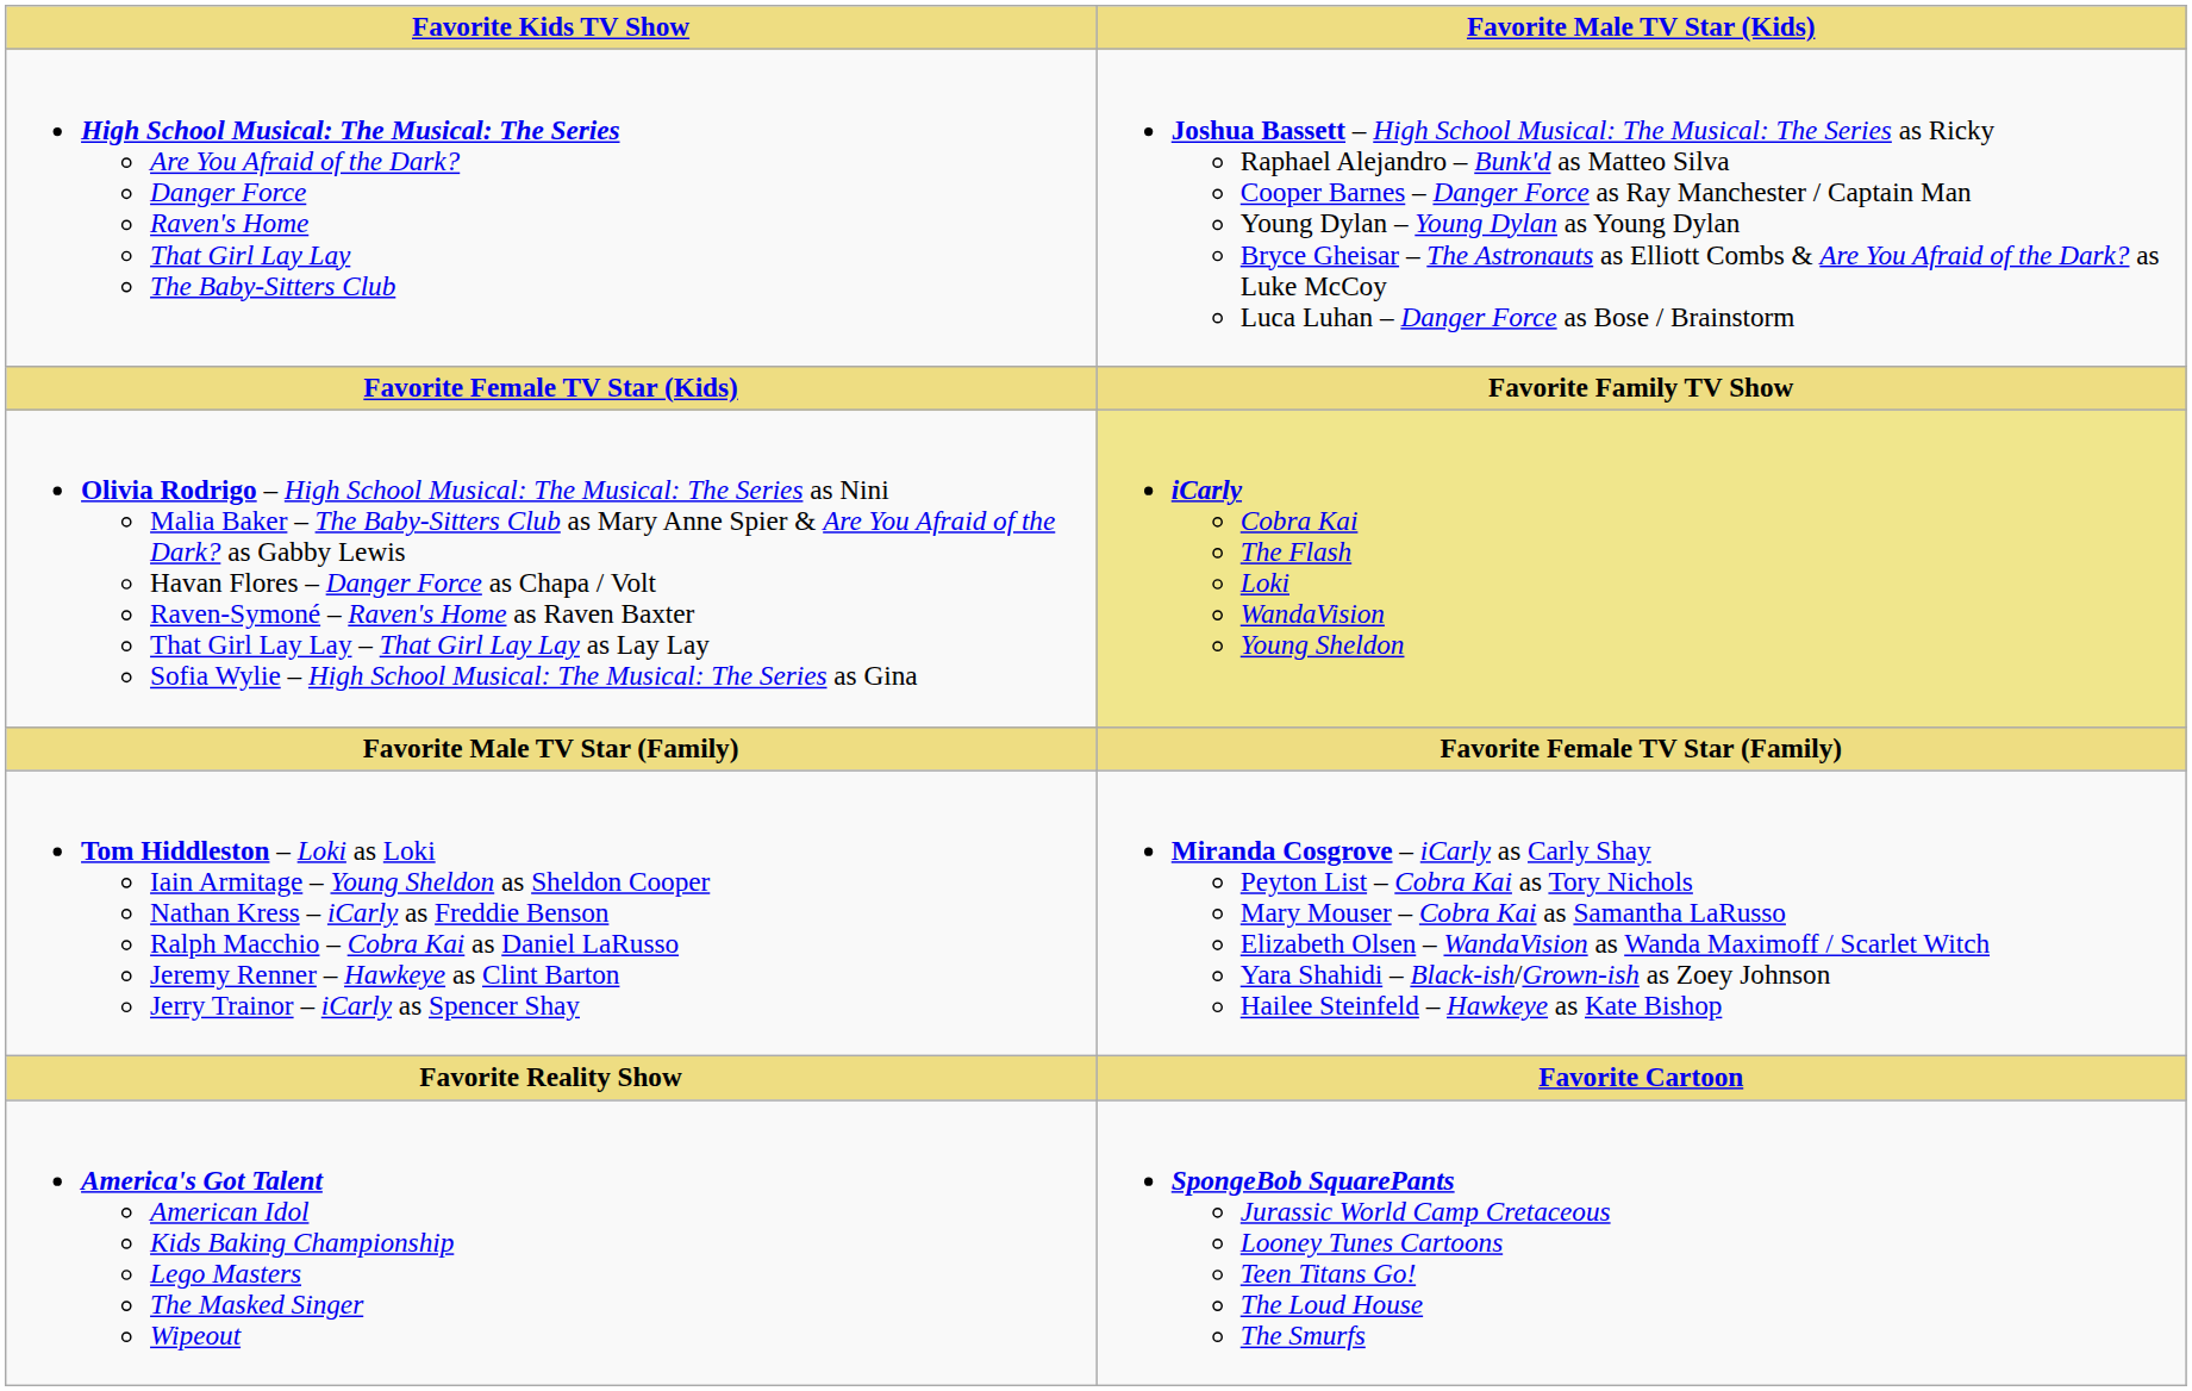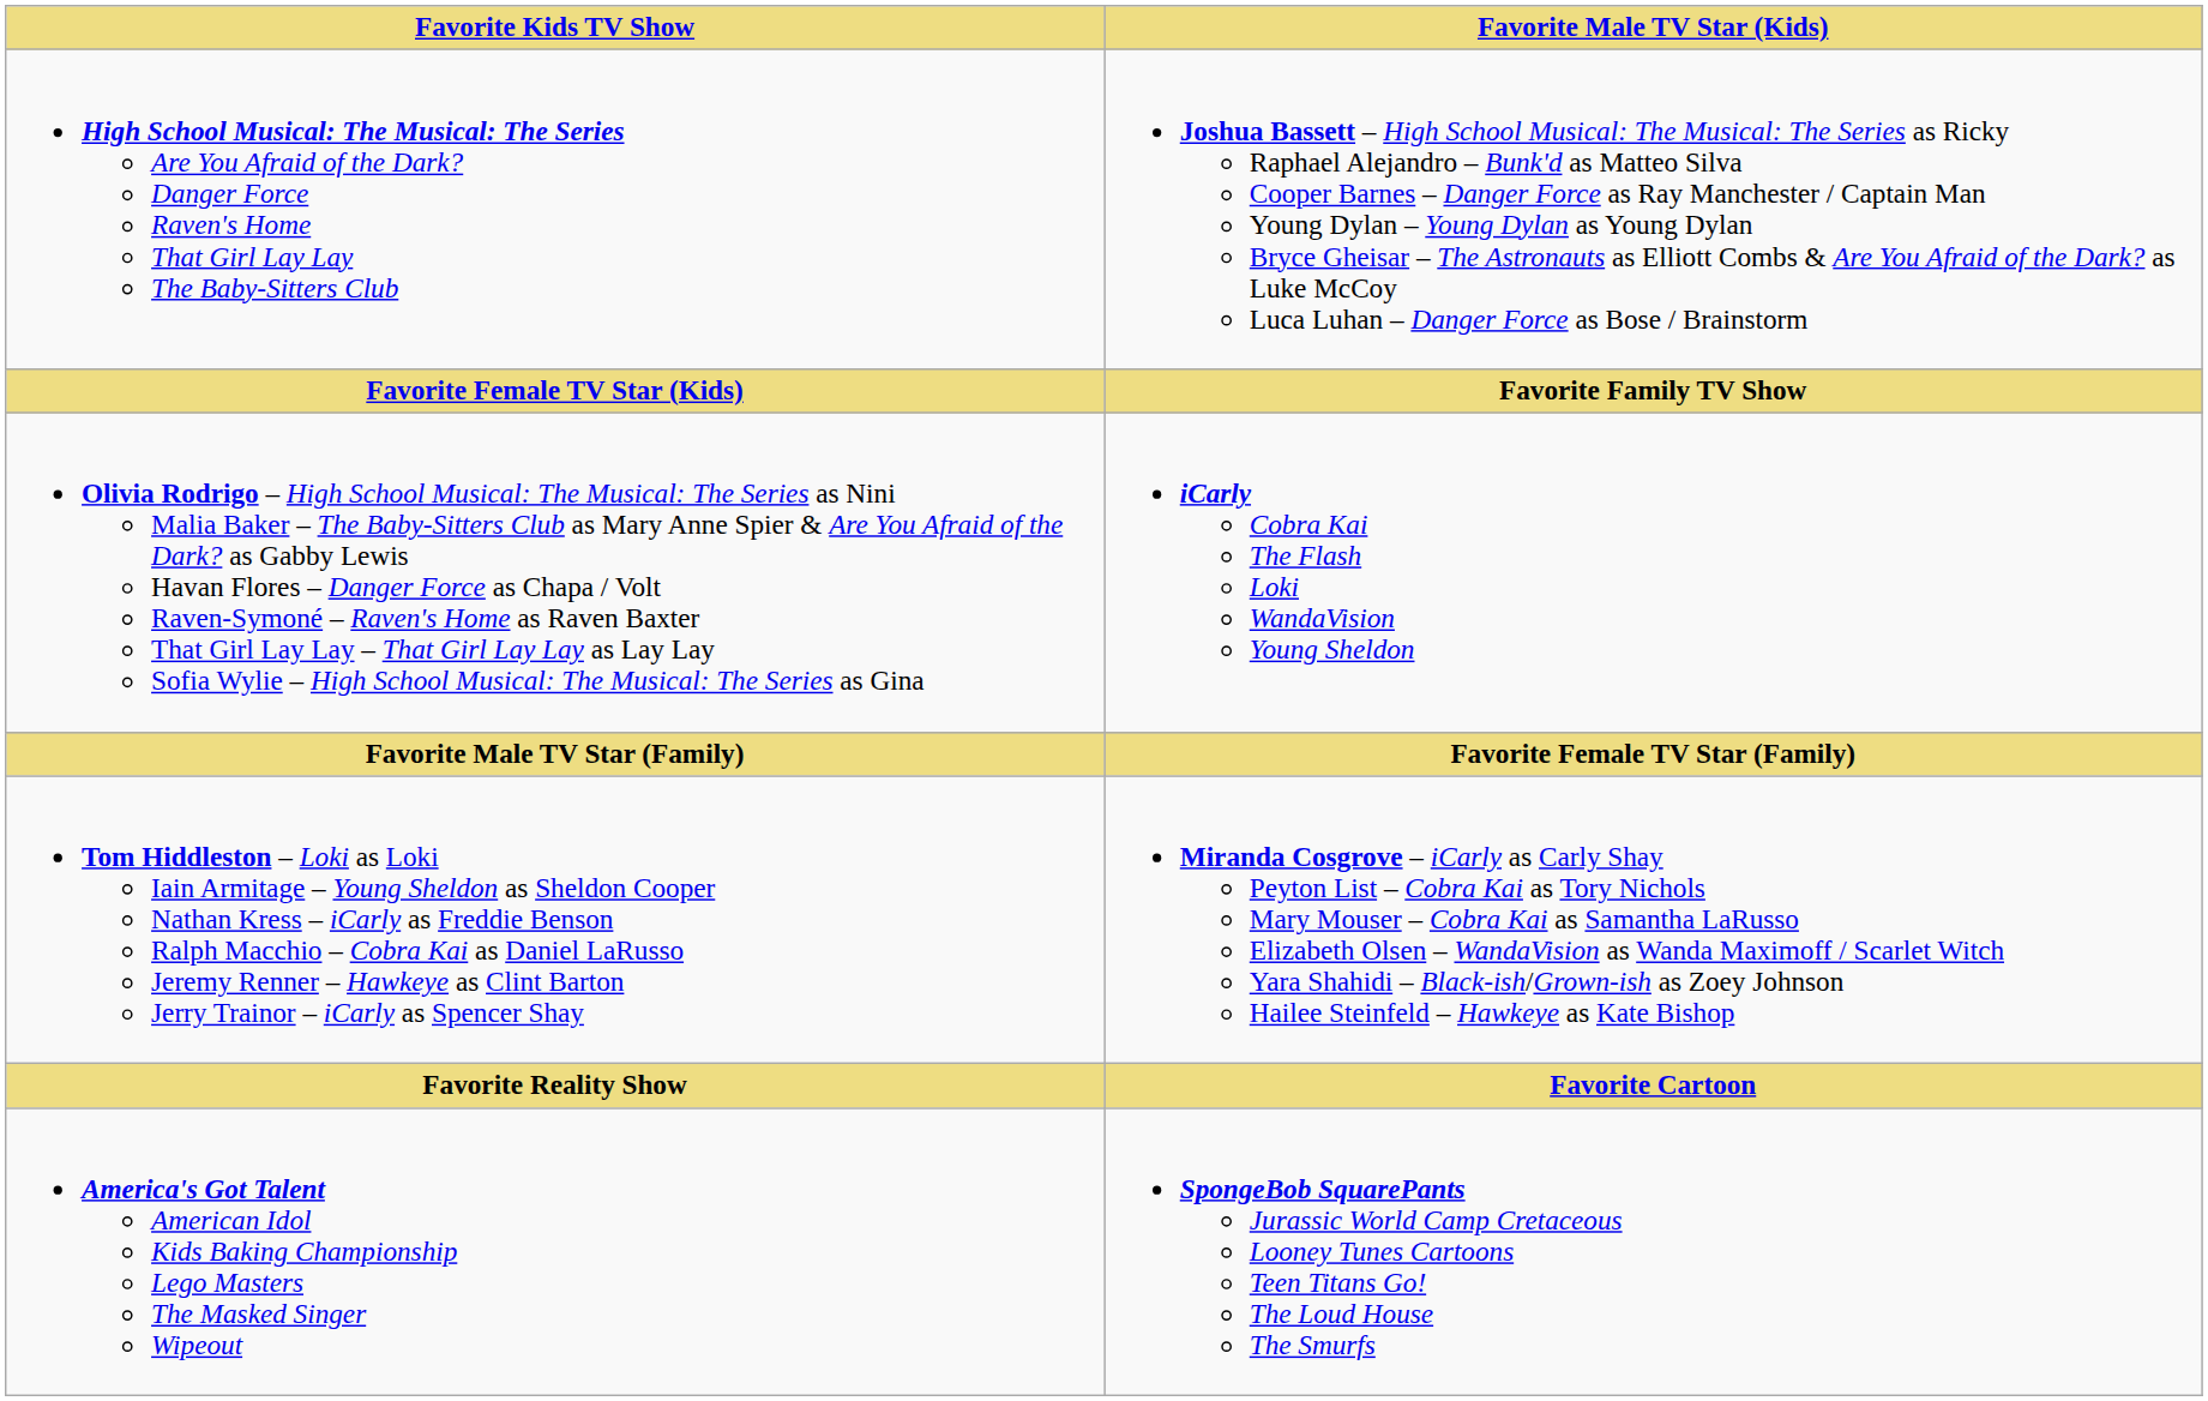 <table class="wikitable" style="width:100%;">
 <tr>
 <th style="background:#EEDD82; width:50%"><a href='#'>Favorite Kids TV Show</a></th>
 <th style="background:#EEDD82; width:50%"><a href='#'>Favorite Male TV Star (Kids)</a></th>
 </tr>
 <tr>
 <td valign="top"><br><ul><li><strong><em><a href='#'>High School Musical: The Musical: The Series</a></em></strong><ul><li><em><a href='#'>Are You Afraid of the Dark?</a></em></li><li><em><a href='#'>Danger Force</a></em></li><li><em><a href='#'>Raven's Home</a></em></li><li><em><a href='#'>That Girl Lay Lay</a></em></li><li><em><a href='#'>The Baby-Sitters Club</a></em></li></ul></li></ul></td>
 <td valign="top"><br><ul><li><strong><a href='#'>Joshua Bassett</a></strong> – <em><a href='#'>High School Musical: The Musical: The Series</a></em> as Ricky<ul><li>Raphael Alejandro – <em><a href='#'>Bunk'd</a></em> as Matteo Silva</li><li><a href='#'>Cooper Barnes</a> – <em><a href='#'>Danger Force</a></em> as Ray Manchester / Captain Man</li><li>Young Dylan – <em><a href='#'>Young Dylan</a></em> as Young Dylan</li><li><a href='#'>Bryce Gheisar</a> – <em><a href='#'>The Astronauts</a></em> as Elliott Combs & <em><a href='#'>Are You Afraid of the Dark?</a></em> as Luke McCoy</li><li>Luca Luhan – <em><a href='#'>Danger Force</a></em> as Bose / Brainstorm</li></ul></li></ul></td>
 </tr>
 <tr>
 <th style="background:#EEDD82; width:50%"><a href='#'>Favorite Female TV Star (Kids)</a></th>
 <th style="background:#EEDD82; width:50%">Favorite Family TV Show</th>
 </tr>
 <tr>
 <td valign="top"><br><ul><li><strong><a href='#'>Olivia Rodrigo</a></strong> – <em><a href='#'>High School Musical: The Musical: The Series</a></em> as Nini<ul><li><a href='#'>Malia Baker</a> – <em><a href='#'>The Baby-Sitters Club</a></em> as Mary Anne Spier & <em><a href='#'>Are You Afraid of the Dark?</a></em> as Gabby Lewis</li><li>Havan Flores – <em><a href='#'>Danger Force</a></em> as Chapa / Volt</li><li><a href='#'>Raven-Symoné</a> – <em><a href='#'>Raven's Home</a></em> as Raven Baxter</li><li><a href='#'>That Girl Lay Lay</a> – <em><a href='#'>That Girl Lay Lay</a></em> as Lay Lay</li><li><a href='#'>Sofia Wylie</a> – <em><a href='#'>High School Musical: The Musical: The Series</a></em> as Gina</li></ul></li></ul></td>
-<td valign="top" style="background: khaki;"><br><ul><li><strong><em><a href='#'>iCarly</a></em></strong><ul><li><em><a href='#'>Cobra Kai</a></em></li><li><em><a href='#'>The Flash</a></em></li><li><em><a href='#'>Loki</a></em></li><li><em><a href='#'>WandaVision</a></em></li><li><em><a href='#'>Young Sheldon</a></em></li></ul></li></ul></td>
+<td valign="top"><br><ul><li><strong><em><a href='#'>iCarly</a></em></strong><ul><li><em><a href='#'>Cobra Kai</a></em></li><li><em><a href='#'>The Flash</a></em></li><li><em><a href='#'>Loki</a></em></li><li><em><a href='#'>WandaVision</a></em></li><li><em><a href='#'>Young Sheldon</a></em></li></ul></li></ul></td>
 </tr>
 <tr>
 <th style="background:#EEDD82; width:50%">Favorite Male TV Star (Family)</th>
 <th style="background:#EEDD82; width:50%">Favorite Female TV Star (Family)</th>
 </tr>
 <tr>
 <td valign="top"><br><ul><li><strong><a href='#'>Tom Hiddleston</a></strong> – <em><a href='#'>Loki</a></em> as <a href='#'>Loki</a><ul><li><a href='#'>Iain Armitage</a> – <em><a href='#'>Young Sheldon</a></em> as <a href='#'>Sheldon Cooper</a></li><li><a href='#'>Nathan Kress</a> – <em><a href='#'>iCarly</a></em> as <a href='#'>Freddie Benson</a></li><li><a href='#'>Ralph Macchio</a> – <em><a href='#'>Cobra Kai</a></em> as <a href='#'>Daniel LaRusso</a></li><li><a href='#'>Jeremy Renner</a> – <em><a href='#'>Hawkeye</a></em> as <a href='#'>Clint Barton</a></li><li><a href='#'>Jerry Trainor</a> – <em><a href='#'>iCarly</a></em> as <a href='#'>Spencer Shay</a></li></ul></li></ul></td>
 <td valign="top"><br><ul><li><strong><a href='#'>Miranda Cosgrove</a></strong> – <em><a href='#'>iCarly</a></em> as <a href='#'>Carly Shay</a><ul><li><a href='#'>Peyton List</a> – <em><a href='#'>Cobra Kai</a></em> as <a href='#'>Tory Nichols</a></li><li><a href='#'>Mary Mouser</a> – <em><a href='#'>Cobra Kai</a></em> as <a href='#'>Samantha LaRusso</a></li><li><a href='#'>Elizabeth Olsen</a> – <em><a href='#'>WandaVision</a></em> as <a href='#'>Wanda Maximoff / Scarlet Witch</a></li><li><a href='#'>Yara Shahidi</a> – <em><a href='#'>Black-ish</a></em>/<em><a href='#'>Grown-ish</a></em> as Zoey Johnson</li><li><a href='#'>Hailee Steinfeld</a> – <em><a href='#'>Hawkeye</a></em> as <a href='#'>Kate Bishop</a></li></ul></li></ul></td>
 </tr>
 <tr>
 <th style="background:#EEDD82; width:50%">Favorite Reality Show</th>
 <th style="background:#EEDD82; width:50%"><a href='#'>Favorite Cartoon</a></th>
 </tr>
 <tr>
 <td valign="top"><br><ul><li><strong><em><a href='#'>America's Got Talent</a></em></strong><ul><li><em><a href='#'>American Idol</a></em></li><li><em><a href='#'>Kids Baking Championship</a></em></li><li><em><a href='#'>Lego Masters</a></em></li><li><em><a href='#'>The Masked Singer</a></em></li><li><em><a href='#'>Wipeout</a></em></li></ul></li></ul></td>
 <td valign="top"><br><ul><li><strong><em><a href='#'>SpongeBob SquarePants</a></em></strong><ul><li><em><a href='#'>Jurassic World Camp Cretaceous</a></em></li><li><em><a href='#'>Looney Tunes Cartoons</a></em></li><li><em><a href='#'>Teen Titans Go!</a></em></li><li><em><a href='#'>The Loud House</a></em></li><li><em><a href='#'>The Smurfs</a></em></li></ul></li></ul></td>
 </tr>
 </table>
